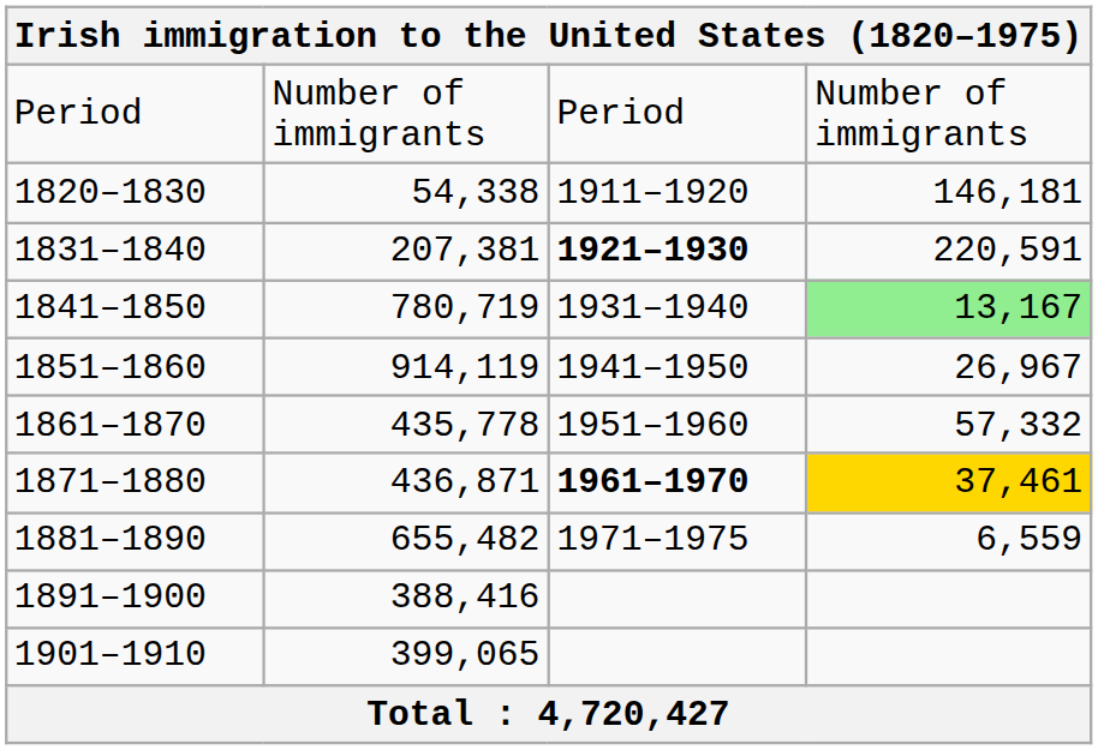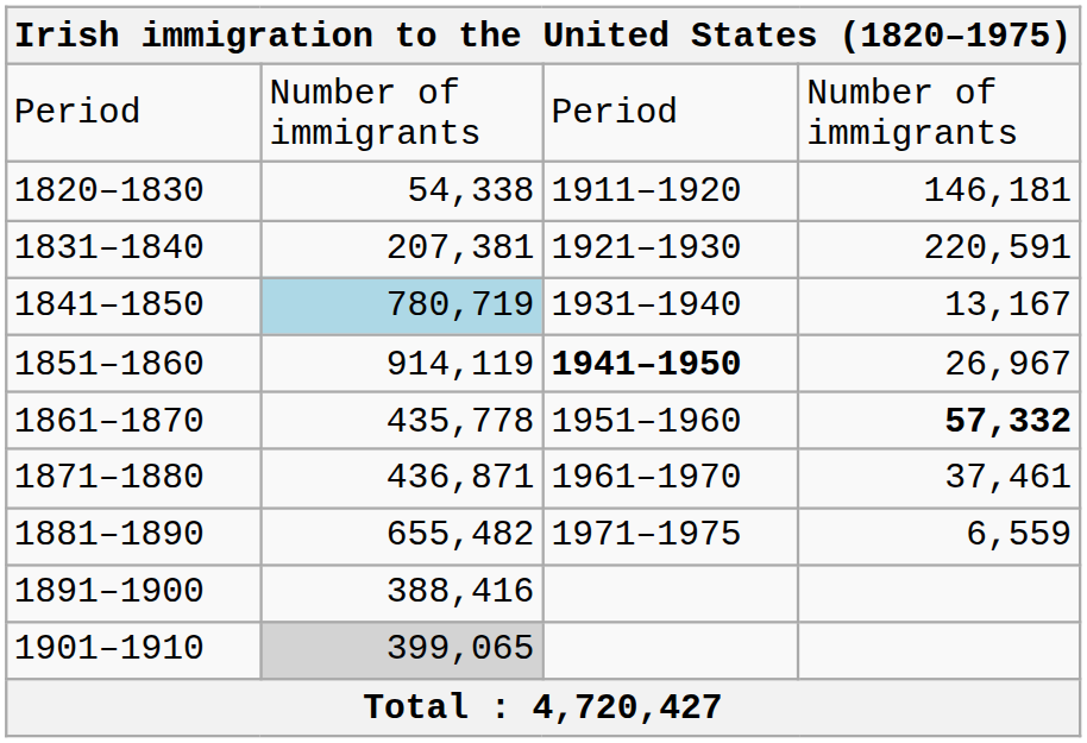 <table class="wikitable" style="float:right; margin:1em;">
 <tr>
 <th colspan="4">Irish immigration to the United States (1820–1975)</th>
 </tr>
 <tr>
 <td>Period</td>
 <td>Number of<br>immigrants</td>
 <td>Period</td>
 <td>Number of<br>immigrants</td>
 </tr>
 <tr>
 <td>1820–1830</td>
 <td style="text-align:right;">54,338</td>
 <td>1911–1920</td>
 <td style="text-align:right;">146,181</td>
 </tr>
 <tr>
 <td>1831–1840</td>
 <td style="text-align:right;">207,381</td>
-<td><strong>1921–1930</strong></td>
+<td>1921–1930</td>
 <td align="right">220,591</td>
 </tr>
 <tr>
 <td>1841–1850</td>
-<td style="text-align:right;">780,719</td>
+<td style="background: lightblue; text-align:right;">780,719</td>
 <td>1931–1940</td>
-<td style="background: lightgreen; text-align:right;">13,167</td>
+<td style="text-align:right;">13,167</td>
 </tr>
 <tr>
 <td>1851–1860</td>
 <td style="text-align:right;">914,119</td>
-<td>1941–1950</td>
+<td><strong>1941–1950</strong></td>
 <td style="text-align:right;">26,967</td>
 </tr>
 <tr>
 <td>1861–1870</td>
 <td style="text-align:right;">435,778</td>
 <td>1951–1960</td>
-<td style="text-align:right;">57,332</td>
+<td style="text-align:right;"><strong>57,332</strong></td>
 </tr>
 <tr>
 <td>1871–1880</td>
 <td style="text-align:right;">436,871</td>
-<td><strong>1961–1970</strong></td>
-<td style="background: gold; text-align:right;">37,461</td>
+<td>1961–1970</td>
+<td style="text-align:right;">37,461</td>
 </tr>
 <tr>
 <td>1881–1890</td>
 <td style="text-align:right;">655,482</td>
 <td>1971–1975</td>
 <td style="text-align:right;">6,559</td>
 </tr>
 <tr>
 <td>1891–1900</td>
 <td style="text-align:right;">388,416</td>
 <td></td>
 <td style="text-align:right;"></td>
 </tr>
 <tr>
 <td>1901–1910</td>
-<td style="text-align:right;">399,065</td>
+<td style="background: lightgrey; text-align:right;">399,065</td>
 <td></td>
 <td style="text-align:right;"></td>
 </tr>
 <tr>
 <th colspan="4">Total : 4,720,427</th>
 </tr>
 </table>
